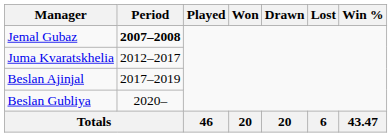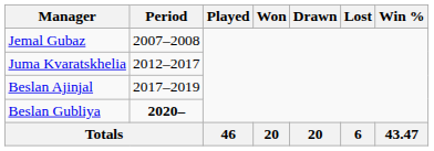 <table class="wikitable sortable" style="text-align:center;">
 <tr>
 <th>Manager</th>
 <th>Period</th>
 <th>Played</th>
 <th>Won</th>
 <th>Drawn</th>
 <th>Lost</th>
 <th>Win %</th>
 </tr>
 <tr>
 <td style="text-align: left;"> <a href='#'>Jemal Gubaz</a></td>
-<td><strong>2007–2008<br></strong></td>
+<td>2007–2008<br></td>
 </tr>
 <tr>
 <td style="text-align: left;"> <a href='#'>Juma Kvaratskhelia</a></td>
 <td>2012–2017<br></td>
 </tr>
 <tr>
 <td style="text-align: left;"> <a href='#'>Beslan Ajinjal</a></td>
 <td>2017–2019<br></td>
 </tr>
 <tr>
 <td style="text-align: left;"> <a href='#'>Beslan Gubliya</a></td>
-<td>2020–<br></td>
+<td><strong>2020–<br></strong></td>
 </tr>
 <tr>
 <th colspan="2">Totals</th>
 <th>46</th>
 <th>20</th>
 <th>20</th>
 <th>6</th>
 <th>43.47</th>
 </tr>
 </table>
